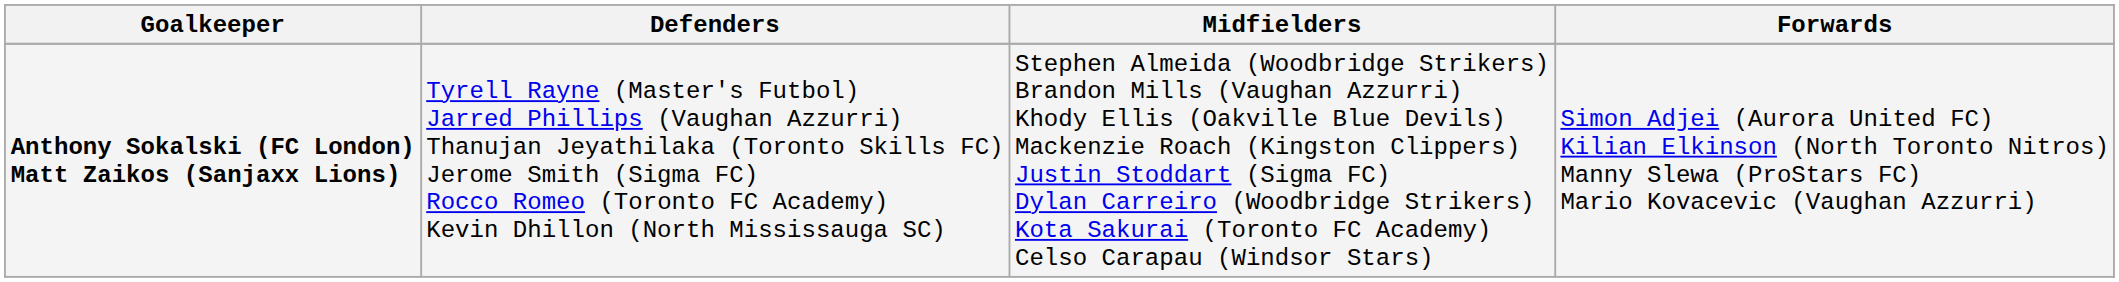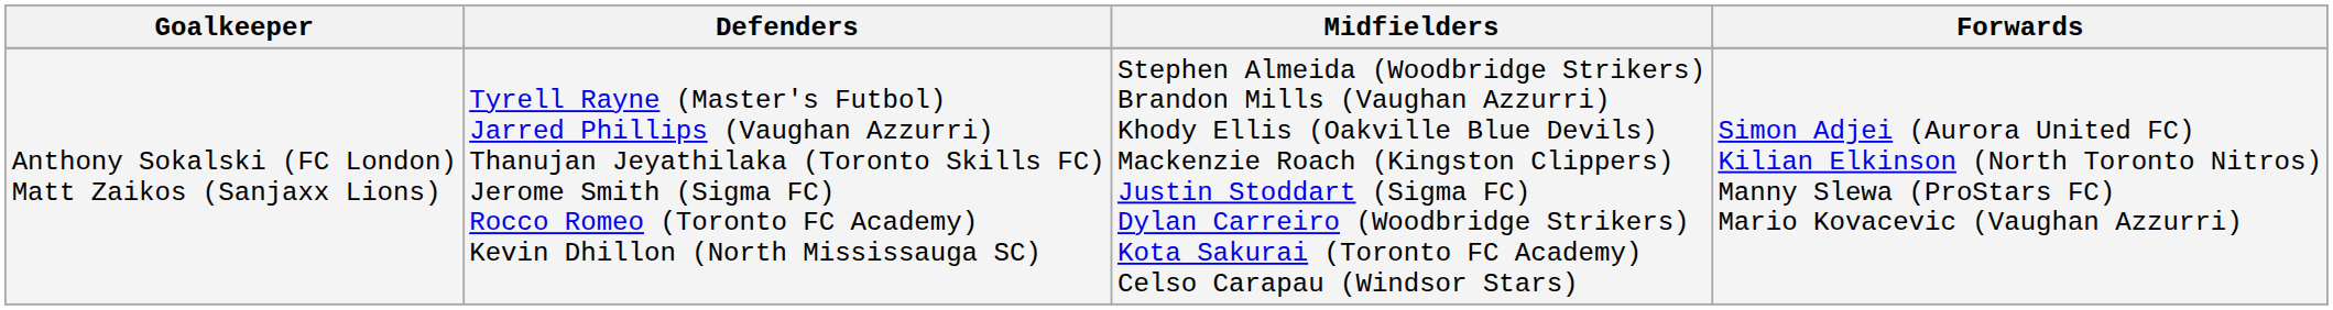 <table class="wikitable">
 <tr style="background:#cccccc;">
 <th>Goalkeeper</th>
 <th>Defenders</th>
 <th>Midfielders</th>
 <th>Forwards</th>
 </tr>
 <tr>
 </tr>
 <tr style="background:#f4f4f4;">
-<td><strong>Anthony Sokalski (FC London)<br>Matt Zaikos (Sanjaxx Lions)</strong></td>
+<td>Anthony Sokalski (FC London)<br>Matt Zaikos (Sanjaxx Lions)</td>
 <td><a href='#'>Tyrell Rayne</a> (Master's Futbol)<br><a href='#'>Jarred Phillips</a> (Vaughan Azzurri)<br>Thanujan Jeyathilaka (Toronto Skills FC)<br>Jerome Smith (Sigma FC)<br><a href='#'>Rocco Romeo</a> (Toronto FC Academy)<br>Kevin Dhillon (North Mississauga SC)</td>
 <td>Stephen Almeida (Woodbridge Strikers)<br>Brandon Mills (Vaughan Azzurri)<br>Khody Ellis (Oakville Blue Devils)<br>Mackenzie Roach (Kingston Clippers)<br><a href='#'>Justin Stoddart</a> (Sigma FC)<br><a href='#'>Dylan Carreiro</a> (Woodbridge Strikers)<br><a href='#'>Kota Sakurai</a> (Toronto FC Academy)<br>Celso Carapau (Windsor Stars)</td>
 <td><a href='#'>Simon Adjei</a> (Aurora United FC)<br><a href='#'>Kilian Elkinson</a> (North Toronto Nitros)<br>Manny Slewa (ProStars FC)<br>Mario Kovacevic (Vaughan Azzurri)</td>
 </tr>
 </table>
